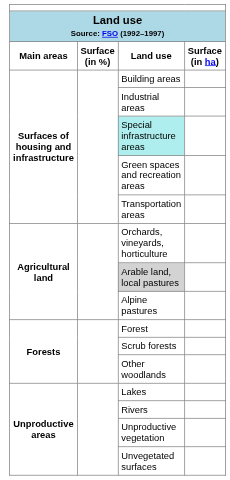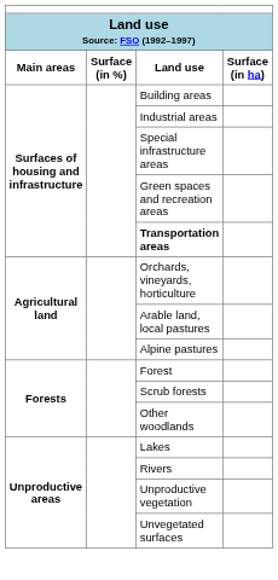 <table border=1 cellspacing=0 cellpadding=4 width=280 style="float:right; border:1px solid gray; border-collapse:collapse; font-size:80%; margin:0 0.5em 1em;">
 <tr>
 <td colspan=4></td>
 </tr>
 <tr>
 <th align="center" bgcolor="lightblue" colspan="4"><big><strong>Land use</strong></big> <br> <small>Source: <a href='#'>FSO</a> (1992–1997)</small></th>
 </tr>
 <tr>
 <th scope=col>Main areas</th>
 <th scope=col>Surface <br>(in %)</th>
 <th scope=col>Land use</th>
 <th scope=col>Surface <br>(in <a href='#'>ha</a>)</th>
 </tr>
 <tr>
 <th scope=row rowspan="5"><strong>Surfaces of housing and infrastructure</strong></th>
 <th rowspan="5" align="right"></th>
 <td>Building areas</td>
 <td align="right"></td>
 </tr>
 <tr>
 <td>Industrial areas</td>
 <td align="right"></td>
 </tr>
 <tr>
-<td style="background: paleturquoise;">Special infrastructure areas</td>
+<td>Special infrastructure areas</td>
 <td align="right"></td>
 </tr>
 <tr>
 <td>Green spaces and recreation areas</td>
 <td align="right"></td>
 </tr>
 <tr>
-<td>Transportation areas</td>
+<td><strong>Transportation areas</strong></td>
 <td align="right"></td>
 </tr>
 <tr>
 <th scope=row rowspan="3"><strong>Agricultural land</strong></th>
 <th rowspan="3" align="right"></th>
 <td>Orchards, vineyards, horticulture</td>
 <td align="right"></td>
 </tr>
 <tr>
-<td style="background: lightgrey;">Arable land, local pastures</td>
+<td>Arable land, local pastures</td>
 <td align="right"></td>
 </tr>
 <tr>
 <td>Alpine pastures</td>
 <td align="right"></td>
 </tr>
 <tr>
 <th scope=row rowspan="3"><strong>Forests</strong></th>
 <th rowspan="3" align="right"></th>
 <td>Forest</td>
 <td align="right"></td>
 </tr>
 <tr>
 <td>Scrub forests</td>
 <td align="right"></td>
 </tr>
 <tr>
 <td>Other woodlands</td>
 <td align="right"></td>
 </tr>
 <tr>
 <th scope=row rowspan="4"><strong>Unproductive areas</strong></th>
 <th rowspan="4" align="right"></th>
 <td>Lakes</td>
 <td align="right"></td>
 </tr>
 <tr>
 <td>Rivers</td>
 <td align="right"></td>
 </tr>
 <tr>
 <td>Unproductive vegetation</td>
 <td align="right"></td>
 </tr>
 <tr>
 <td>Unvegetated surfaces</td>
 <td align="right"></td>
 </tr>
 </table>
